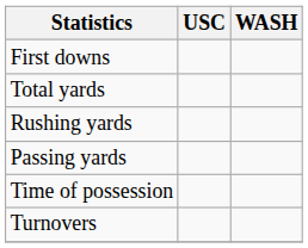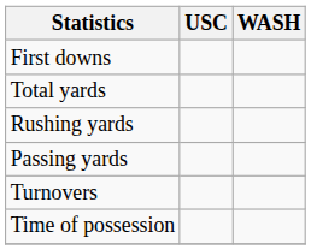 <table class="wikitable" style="float: left;">
 <tr>
 <th>Statistics</th>
 <th>USC</th>
 <th>WASH</th>
 </tr>
 <tr>
 <td>First downs</td>
 <td></td>
 <td></td>
 </tr>
 <tr>
 <td>Total yards</td>
 <td></td>
 <td></td>
 </tr>
 <tr>
 <td>Rushing yards</td>
 <td></td>
 <td></td>
 </tr>
 <tr>
 <td>Passing yards</td>
 <td></td>
 <td></td>
 </tr>
 <tr>
-<td>Time of possession</td>
+<td>Turnovers</td>
 <td></td>
 <td></td>
 </tr>
 <tr>
-<td>Turnovers</td>
+<td>Time of possession</td>
 <td></td>
 <td></td>
 </tr>
 <tr>
 </tr>
 </table>
